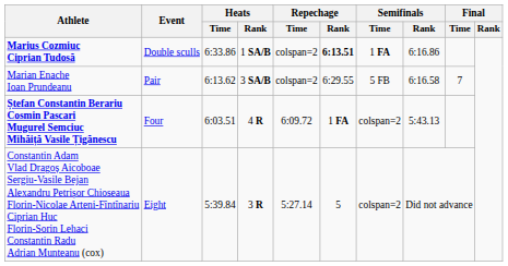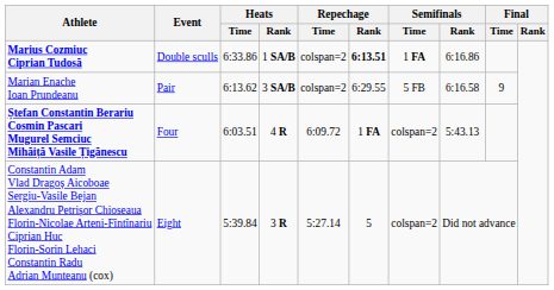 <table class="wikitable" style="font-size:90%">
 <tr>
 <th rowspan="2">Athlete</th>
 <th rowspan="2">Event</th>
 <th colspan="2">Heats</th>
 <th colspan="2">Repechage</th>
 <th colspan="2">Semifinals</th>
 <th colspan="2">Final</th>
 </tr>
 <tr style="font-size:95%">
 <th>Time</th>
 <th>Rank</th>
 <th>Time</th>
 <th>Rank</th>
 <th>Time</th>
 <th>Rank</th>
 <th>Time</th>
 <th>Rank</th>
 </tr>
 <tr align=center>
 <td align=left><strong><a href='#'>Marius Cozmiuc</a><br><a href='#'>Ciprian Tudosă</a></strong></td>
 <td align=left><a href='#'>Double sculls</a></td>
 <td>6:33.86</td>
 <td>1 <strong>SA/B</strong></td>
 <td>colspan=2 </td>
 <td><strong>6:13.51</strong></td>
 <td>1 <strong>FA</strong></td>
 <td>6:16.86</td>
 <td></td>
 </tr>
 <tr align=center>
 <td align=left><a href='#'>Marian Enache</a><br><a href='#'>Ioan Prundeanu</a></td>
 <td align=left><a href='#'>Pair</a></td>
 <td>6:13.62</td>
 <td>3 <strong>SA/B</strong></td>
 <td>colspan=2 </td>
 <td>6:29.55</td>
 <td>5 FB</td>
 <td>6:16.58</td>
-<td>7</td>
+<td>9</td>
 </tr>
 <tr align=center>
 <td align=left><strong><a href='#'>Ștefan Constantin Berariu</a><br><a href='#'>Cosmin Pascari</a><br><a href='#'>Mugurel Semciuc</a><br><a href='#'>Mihăiță Vasile Țigănescu</a></strong></td>
 <td align=left><a href='#'>Four</a></td>
 <td>6:03.51</td>
 <td>4 <strong>R</strong></td>
 <td>6:09.72</td>
 <td>1 <strong>FA</strong></td>
 <td>colspan=2 </td>
 <td>5:43.13</td>
 <td></td>
 </tr>
 <tr align=center>
 <td align=left><a href='#'>Constantin Adam</a><br><a href='#'>Vlad Dragoș Aicoboae</a><br><a href='#'>Sergiu-Vasile Bejan</a><br><a href='#'>Alexandru Petrișor Chioseaua</a><br><a href='#'>Florin-Nicolae Arteni-Fîntînariu</a><br><a href='#'>Ciprian Huc</a><br><a href='#'>Florin-Sorin Lehaci</a><br><a href='#'>Constantin Radu</a><br><a href='#'>Adrian Munteanu</a> (cox)</td>
 <td align=left><a href='#'>Eight</a></td>
 <td>5:39.84</td>
 <td>3 <strong>R</strong></td>
 <td>5:27.14</td>
 <td>5</td>
 <td>colspan=2 </td>
 <td colspan=2>Did not advance</td>
 </tr>
 </table>
